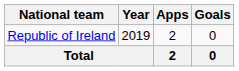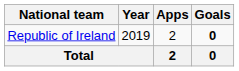 <table class=wikitable style=text-align:center>
 <tr>
 <th>National team</th>
 <th>Year</th>
 <th>Apps</th>
 <th>Goals</th>
 </tr>
 <tr>
 <td><a href='#'>Republic of Ireland</a></td>
 <td>2019</td>
 <td>2</td>
-<td>0</td>
+<td><strong>0</strong></td>
 </tr>
 <tr>
 <th colspan=2>Total</th>
 <th>2</th>
 <th>0</th>
 </tr>
 </table>
